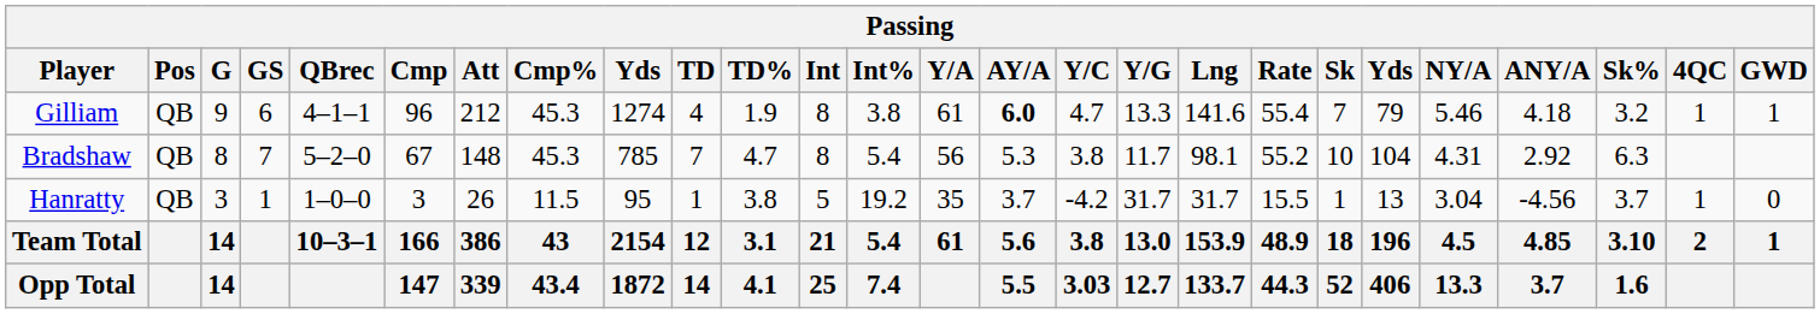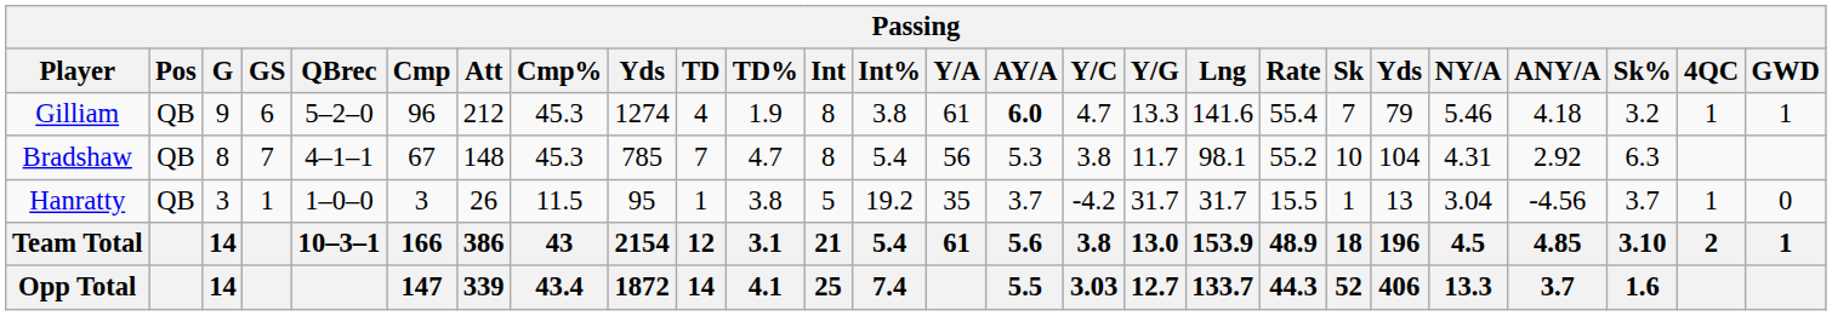 <table class="wikitable" style="text-align:center">
 <tr>
 <th colspan="26">Passing</th>
 </tr>
 <tr>
 <th>Player</th>
 <th>Pos</th>
 <th>G</th>
 <th>GS</th>
 <th>QBrec</th>
 <th>Cmp</th>
 <th>Att</th>
 <th>Cmp%</th>
 <th>Yds</th>
 <th>TD</th>
 <th>TD%</th>
 <th>Int</th>
 <th>Int%</th>
 <th>Y/A</th>
 <th>AY/A</th>
 <th>Y/C</th>
 <th>Y/G</th>
 <th>Lng</th>
 <th>Rate</th>
 <th>Sk</th>
 <th>Yds</th>
 <th>NY/A</th>
 <th>ANY/A</th>
 <th>Sk%</th>
 <th>4QC</th>
 <th>GWD</th>
 </tr>
 <tr>
 <td><a href='#'>Gilliam</a></td>
 <td>QB</td>
 <td>9</td>
 <td>6</td>
-<td>4–1–1</td>
+<td>5–2–0</td>
 <td>96</td>
 <td>212</td>
 <td>45.3</td>
 <td>1274</td>
 <td>4</td>
 <td>1.9</td>
 <td>8</td>
 <td>3.8</td>
 <td>61</td>
 <td><strong>6.0</strong></td>
 <td>4.7</td>
 <td>13.3</td>
 <td>141.6</td>
 <td>55.4</td>
 <td>7</td>
 <td>79</td>
 <td>5.46</td>
 <td>4.18</td>
 <td>3.2</td>
 <td>1</td>
 <td>1</td>
 </tr>
 <tr>
 <td><a href='#'>Bradshaw</a></td>
 <td>QB</td>
 <td>8</td>
 <td>7</td>
-<td>5–2–0</td>
+<td>4–1–1</td>
 <td>67</td>
 <td>148</td>
 <td>45.3</td>
 <td>785</td>
 <td>7</td>
 <td>4.7</td>
 <td>8</td>
 <td>5.4</td>
 <td>56</td>
 <td>5.3</td>
 <td>3.8</td>
 <td>11.7</td>
 <td>98.1</td>
 <td>55.2</td>
 <td>10</td>
 <td>104</td>
 <td>4.31</td>
 <td>2.92</td>
 <td>6.3</td>
 <td></td>
 <td></td>
 </tr>
 <tr>
 <td><a href='#'>Hanratty</a></td>
 <td>QB</td>
 <td>3</td>
 <td>1</td>
 <td>1–0–0</td>
 <td>3</td>
 <td>26</td>
 <td>11.5</td>
 <td>95</td>
 <td>1</td>
 <td>3.8</td>
 <td>5</td>
 <td>19.2</td>
 <td>35</td>
 <td>3.7</td>
 <td>-4.2</td>
 <td>31.7</td>
 <td>31.7</td>
 <td>15.5</td>
 <td>1</td>
 <td>13</td>
 <td>3.04</td>
 <td>-4.56</td>
 <td>3.7</td>
 <td>1</td>
 <td>0</td>
 </tr>
 <tr>
 <th>Team Total</th>
 <th></th>
 <th>14</th>
 <th></th>
 <th>10–3–1</th>
 <th>166</th>
 <th>386</th>
 <th>43</th>
 <th>2154</th>
 <th>12</th>
 <th>3.1</th>
 <th>21</th>
 <th>5.4</th>
 <th>61</th>
 <th>5.6</th>
 <th>3.8</th>
 <th>13.0</th>
 <th>153.9</th>
 <th>48.9</th>
 <th>18</th>
 <th>196</th>
 <th>4.5</th>
 <th>4.85</th>
 <th>3.10</th>
 <th>2</th>
 <th>1</th>
 </tr>
 <tr>
 <th>Opp Total</th>
 <th></th>
 <th>14</th>
 <th></th>
 <th></th>
 <th>147</th>
 <th>339</th>
 <th>43.4</th>
 <th>1872</th>
 <th>14</th>
 <th>4.1</th>
 <th>25</th>
 <th>7.4</th>
 <th></th>
 <th>5.5</th>
 <th>3.03</th>
 <th>12.7</th>
 <th>133.7</th>
 <th>44.3</th>
 <th>52</th>
 <th>406</th>
 <th>13.3</th>
 <th>3.7</th>
 <th>1.6</th>
 <th></th>
 <th></th>
 </tr>
 </table>
